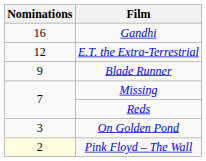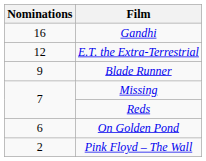 <table class="wikitable" style="text-align:center;">
 <tr>
 <th style="background:">Nominations</th>
 <th style="background:">Film</th>
 </tr>
 <tr>
 <td>16</td>
 <td><em><a href='#'>Gandhi</a></em></td>
 </tr>
 <tr>
 <td>12</td>
 <td><em><a href='#'>E.T. the Extra-Terrestrial</a></em></td>
 </tr>
 <tr>
 <td>9</td>
 <td><em><a href='#'>Blade Runner</a></em></td>
 </tr>
 <tr>
 <td rowspan="2">7</td>
 <td><em><a href='#'>Missing</a></em></td>
 </tr>
 <tr>
 <td><em><a href='#'>Reds</a></em></td>
 </tr>
 <tr>
-<td>3</td>
+<td>6</td>
 <td><em><a href='#'>On Golden Pond</a></em></td>
 </tr>
 <tr>
-<td style="background: lightyellow;">2</td>
+<td>2</td>
 <td><em><a href='#'>Pink Floyd – The Wall</a></em></td>
 </tr>
 </table>
